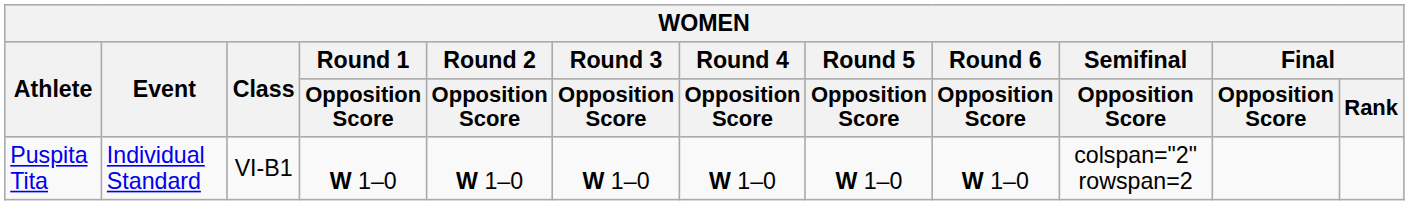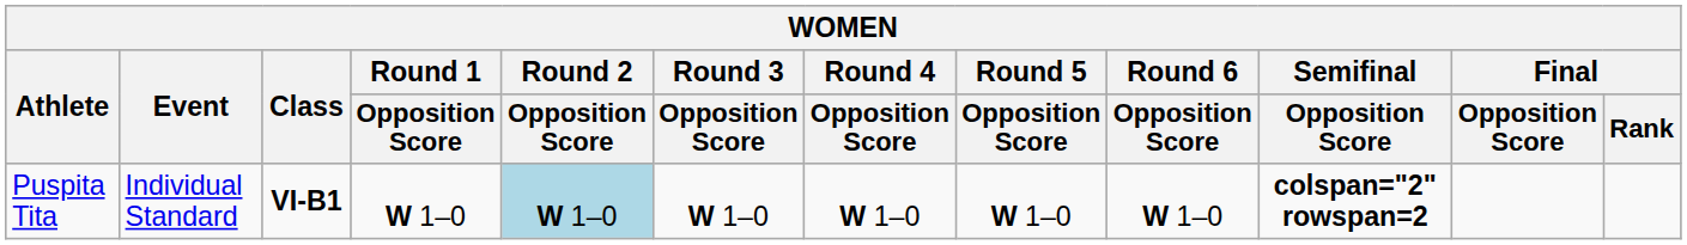 <table class="wikitable" style="font-size:90%">
 <tr>
 <th colspan="12">WOMEN</th>
 </tr>
 <tr>
 <th rowspan="2">Athlete</th>
 <th rowspan="2">Event</th>
 <th rowspan="2">Class</th>
 <th>Round 1</th>
 <th>Round 2</th>
 <th>Round 3</th>
 <th>Round 4</th>
 <th>Round 5</th>
 <th>Round 6</th>
 <th>Semifinal</th>
 <th colspan="2">Final</th>
 </tr>
 <tr style="font-size:95%", align="center">
 <th>Opposition<br>Score</th>
 <th>Opposition<br>Score</th>
 <th>Opposition<br>Score</th>
 <th>Opposition<br>Score</th>
 <th>Opposition<br>Score</th>
 <th>Opposition<br>Score</th>
 <th>Opposition<br>Score</th>
 <th>Opposition<br>Score</th>
 <th>Rank</th>
 </tr>
 <tr align="center">
 <td align="left"><a href='#'>Puspita Tita</a></td>
 <td align="left"><a href='#'>Individual Standard</a></td>
-<td>VI-B1</td>
+<td><strong>VI-B1</strong></td>
+<td><br><strong>W</strong> 1–0</td>
+<td style="background: lightblue;"><br><strong>W</strong> 1–0</td>
 <td><br><strong>W</strong> 1–0</td>
 <td><br><strong>W</strong> 1–0</td>
 <td><br><strong>W</strong> 1–0</td>
 <td><br><strong>W</strong> 1–0</td>
-<td><br><strong>W</strong> 1–0</td>
-<td><br><strong>W</strong> 1–0</td>
-<td>colspan="2" rowspan=2 </td>
+<td><strong>colspan="2" rowspan=2 </strong></td>
 <td></td>
 </tr>
 </table>
